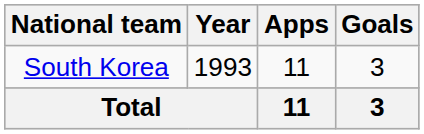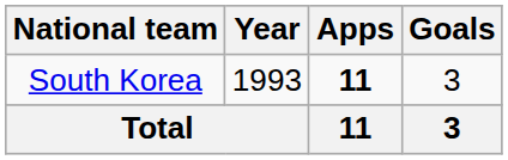 <table class=wikitable style=text-align:center>
 <tr>
 <th>National team</th>
 <th>Year</th>
 <th>Apps</th>
 <th>Goals</th>
 </tr>
 <tr>
 <td rowspan="1"><a href='#'>South Korea</a></td>
 <td>1993</td>
-<td>11</td>
+<td><strong>11</strong></td>
 <td>3</td>
 </tr>
 <tr>
 <th colspan="2">Total</th>
 <th>11</th>
 <th>3</th>
 </tr>
 </table>
